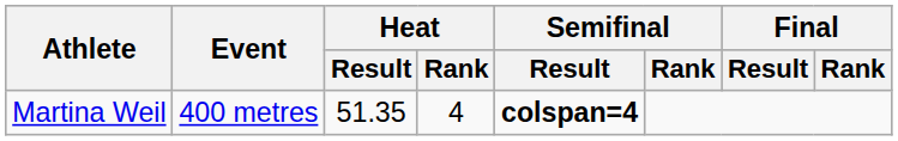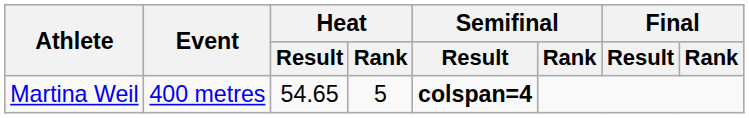 <table class="wikitable" style="font-size:90%">
 <tr>
 <th rowspan="2">Athlete</th>
 <th rowspan="2">Event</th>
 <th colspan="2">Heat</th>
 <th colspan="2">Semifinal</th>
 <th colspan="2">Final</th>
 </tr>
 <tr style="font-size:95%">
 <th>Result</th>
 <th>Rank</th>
 <th>Result</th>
 <th>Rank</th>
 <th>Result</th>
 <th>Rank</th>
 </tr>
 <tr align=center>
 <td align=left><a href='#'>Martina Weil</a></td>
 <td align=left><a href='#'>400 metres</a></td>
-<td>51.35</td>
-<td>4</td>
+<td>54.65</td>
+<td>5</td>
 <td><strong>colspan=4 </strong></td>
 </tr>
 </table>
